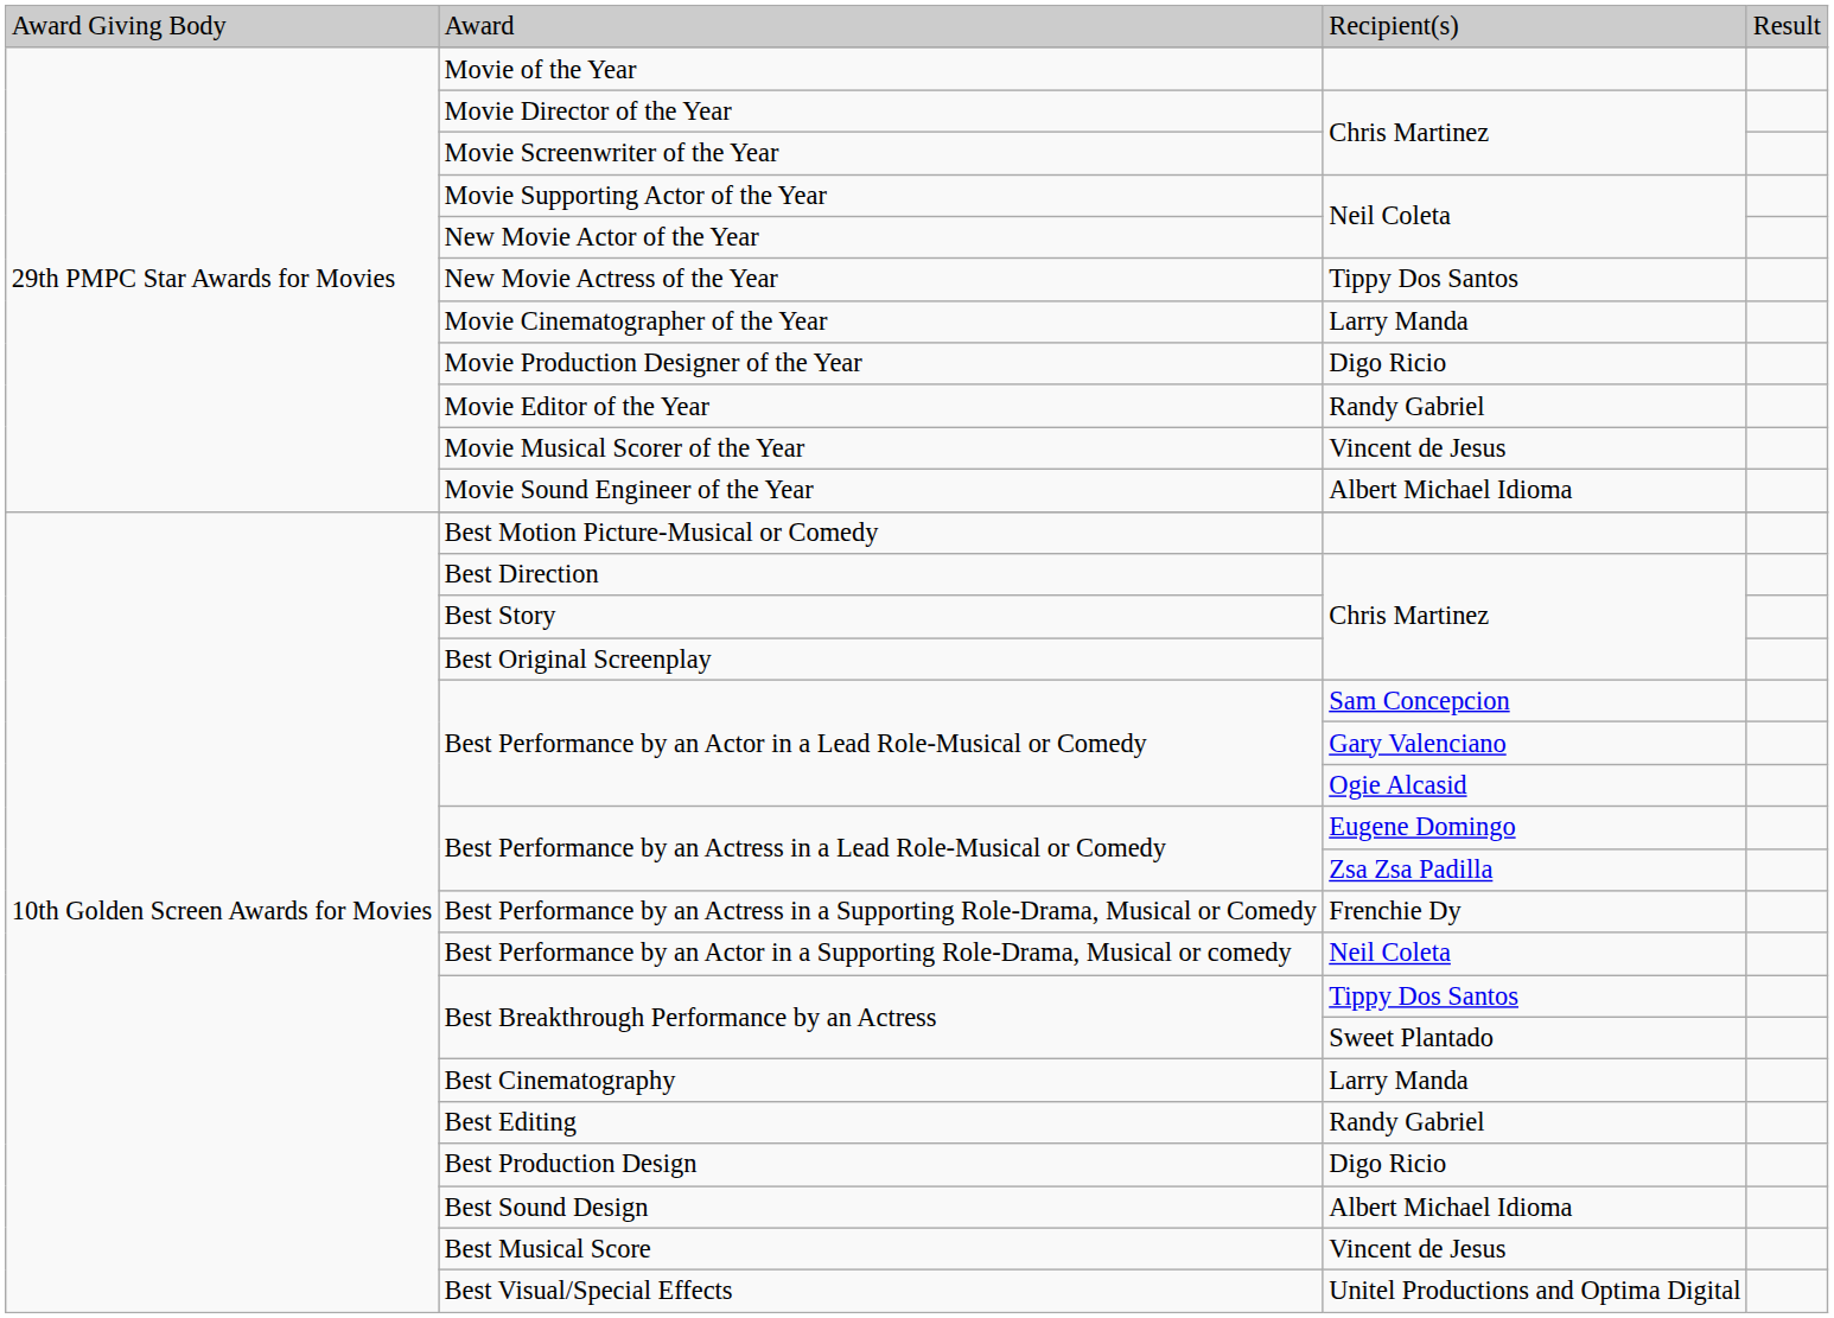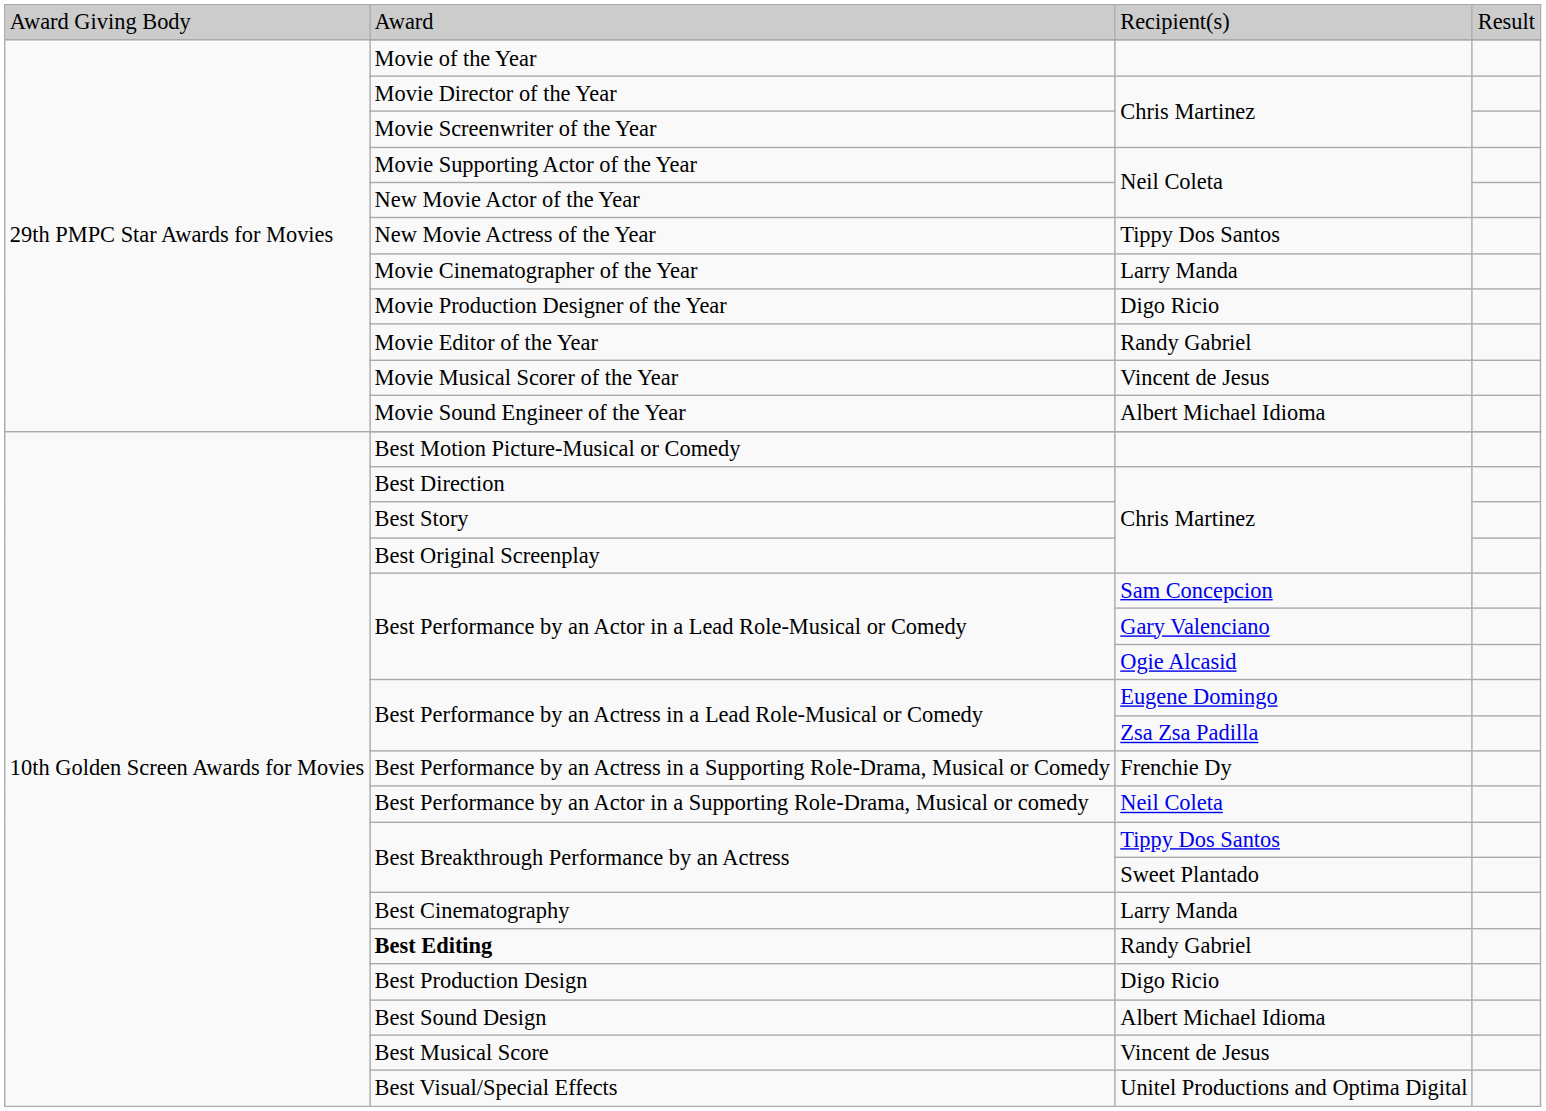 <table class="wikitable" sty>
 <tr bgcolor="#CCCCCC">
 <td>Award Giving Body</td>
 <td>Award</td>
 <td>Recipient(s)</td>
 <td>Result</td>
 </tr>
 <tr>
 <td rowspan=12>29th PMPC Star Awards for Movies</td>
 </tr>
 <tr>
 <td>Movie of the Year</td>
 <td></td>
 <td></td>
 </tr>
 <tr>
 <td>Movie Director of the Year</td>
 <td rowspan="2">Chris Martinez</td>
 <td></td>
 </tr>
 <tr>
 <td>Movie Screenwriter of the Year</td>
 <td></td>
 </tr>
 <tr>
 <td>Movie Supporting Actor of the Year</td>
 <td rowspan="2">Neil Coleta</td>
 <td></td>
 </tr>
 <tr>
 <td>New Movie Actor of the Year</td>
 <td></td>
 </tr>
 <tr>
 <td>New Movie Actress of the Year</td>
 <td>Tippy Dos Santos</td>
 <td></td>
 </tr>
 <tr>
 <td>Movie Cinematographer of the Year</td>
 <td>Larry Manda</td>
 <td></td>
 </tr>
 <tr>
 <td>Movie Production Designer of the Year</td>
 <td>Digo Ricio</td>
 <td></td>
 </tr>
 <tr>
 <td>Movie Editor of the Year</td>
 <td>Randy Gabriel</td>
 <td></td>
 </tr>
 <tr>
 <td>Movie Musical Scorer of the Year</td>
 <td>Vincent de Jesus</td>
 <td></td>
 </tr>
 <tr>
 <td>Movie Sound Engineer of the Year</td>
 <td>Albert Michael Idioma</td>
 <td></td>
 </tr>
 <tr>
 <td rowspan=20>10th Golden Screen Awards for Movies</td>
 </tr>
 <tr>
 <td>Best Motion Picture-Musical or Comedy</td>
 <td></td>
 <td></td>
 </tr>
 <tr>
 <td>Best Direction</td>
 <td rowspan="3">Chris Martinez</td>
 <td></td>
 </tr>
 <tr>
 <td>Best Story</td>
 <td></td>
 </tr>
 <tr>
 <td>Best Original Screenplay</td>
 <td></td>
 </tr>
 <tr>
 <td rowspan="3">Best Performance by an Actor in a Lead Role-Musical or Comedy</td>
 <td><a href='#'>Sam Concepcion</a></td>
 <td></td>
 </tr>
 <tr>
 <td><a href='#'>Gary Valenciano</a></td>
 <td></td>
 </tr>
 <tr>
 <td><a href='#'>Ogie Alcasid</a></td>
 <td></td>
 </tr>
 <tr>
 <td rowspan="2">Best Performance by an Actress in a Lead Role-Musical or Comedy</td>
 <td><a href='#'>Eugene Domingo</a></td>
 <td></td>
 </tr>
 <tr>
 <td><a href='#'>Zsa Zsa Padilla</a></td>
 <td></td>
 </tr>
 <tr>
 <td>Best Performance by an Actress in a Supporting Role-Drama, Musical or Comedy</td>
 <td>Frenchie Dy</td>
 <td></td>
 </tr>
 <tr>
 <td>Best Performance by an Actor in a Supporting Role-Drama, Musical or comedy</td>
 <td><a href='#'>Neil Coleta</a></td>
 <td></td>
 </tr>
 <tr>
 <td rowspan="2">Best Breakthrough Performance by an Actress</td>
 <td><a href='#'>Tippy Dos Santos</a></td>
 <td></td>
 </tr>
 <tr>
 <td>Sweet Plantado</td>
 <td></td>
 </tr>
 <tr>
 <td>Best Cinematography</td>
 <td>Larry Manda</td>
 <td></td>
 </tr>
 <tr>
-<td>Best Editing</td>
+<td><strong>Best Editing</strong></td>
 <td>Randy Gabriel</td>
 <td></td>
 </tr>
 <tr>
 <td>Best Production Design</td>
 <td>Digo Ricio</td>
 <td></td>
 </tr>
 <tr>
 <td>Best Sound Design</td>
 <td>Albert Michael Idioma</td>
 <td></td>
 </tr>
 <tr>
 <td>Best Musical Score</td>
 <td>Vincent de Jesus</td>
 <td></td>
 </tr>
 <tr>
 <td>Best Visual/Special Effects</td>
 <td>Unitel Productions and Optima Digital</td>
 <td></td>
 </tr>
 </table>
